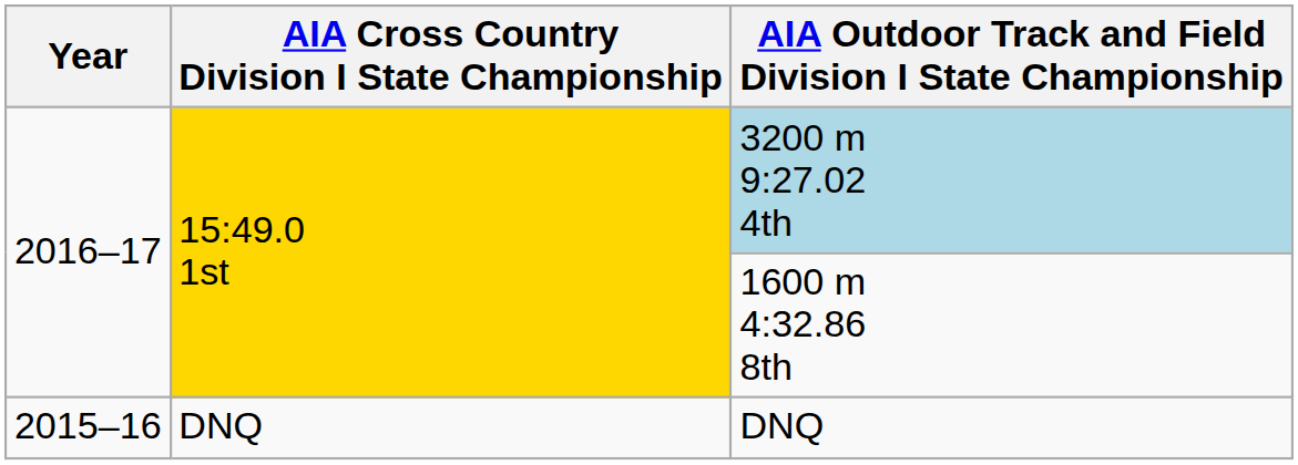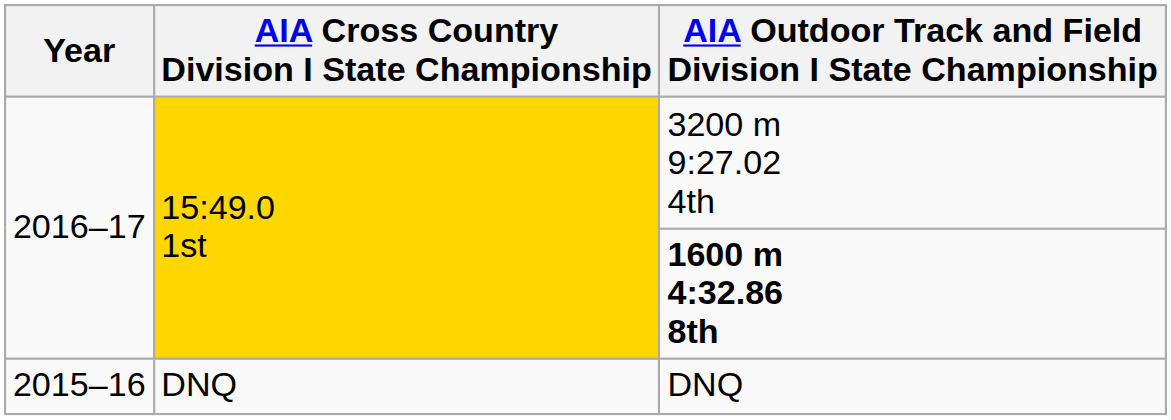 <table class="wikitable sortable">
 <tr>
 <th>Year</th>
 <th><a href='#'>AIA</a> Cross Country<br>Division I State Championship</th>
 <th><a href='#'>AIA</a> Outdoor Track and Field<br>Division I State Championship</th>
 </tr>
 <tr>
 <td Rowspan=2>2016–17</td>
 <td Rowspan=2 bgcolor=gold>15:49.0<br>1st</td>
-<td style="background: lightblue;">3200 m<br>9:27.02<br>4th</td>
+<td>3200 m<br>9:27.02<br>4th</td>
 </tr>
 <tr>
-<td>1600 m<br>4:32.86<br>8th</td>
+<td><strong>1600 m<br>4:32.86<br>8th</strong></td>
 </tr>
 <tr>
 <td Rowspan=1>2015–16</td>
 <td Rowspan=1>DNQ</td>
 <td Rowspan=1>DNQ</td>
 </tr>
 </table>
